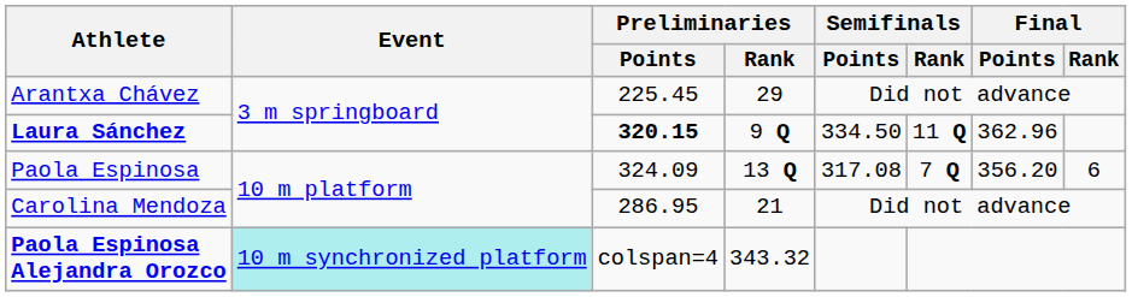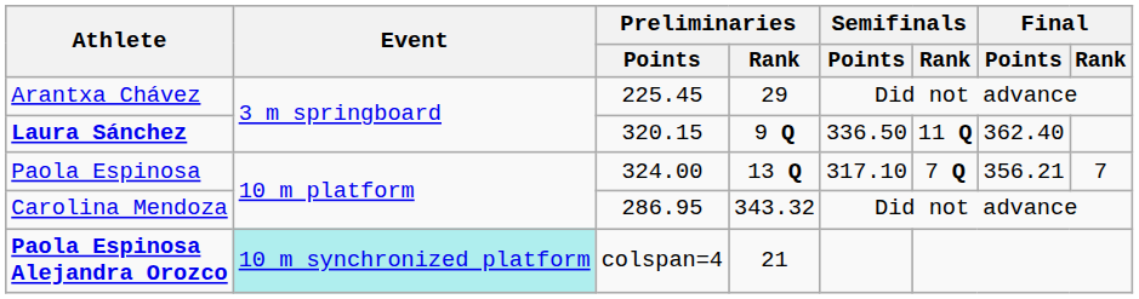 <table class=wikitable style="font-size:90%">
 <tr>
 <th rowspan="2">Athlete</th>
 <th rowspan="2">Event</th>
 <th colspan="2">Preliminaries</th>
 <th colspan="2">Semifinals</th>
 <th colspan="2">Final</th>
 </tr>
 <tr style="font-size:95%">
 <th>Points</th>
 <th>Rank</th>
 <th>Points</th>
 <th>Rank</th>
 <th>Points</th>
 <th>Rank</th>
 </tr>
 <tr align=center>
 <td align=left><a href='#'>Arantxa Chávez</a></td>
 <td align=left rowspan=2><a href='#'>3 m springboard</a></td>
 <td>225.45</td>
 <td>29</td>
 <td colspan=4>Did not advance</td>
 </tr>
 <tr align=center>
 <td align=left><strong><a href='#'>Laura Sánchez</a></strong></td>
-<td><strong>320.15</strong></td>
+<td>320.15</td>
 <td>9 <strong>Q</strong></td>
-<td>334.50</td>
+<td>336.50</td>
 <td>11 <strong>Q</strong></td>
-<td>362.96</td>
+<td>362.40</td>
 <td></td>
 </tr>
 <tr align=center>
 <td align=left><a href='#'>Paola Espinosa</a></td>
 <td align=left rowspan=2><a href='#'>10 m platform</a></td>
-<td>324.09</td>
+<td>324.00</td>
 <td>13 <strong>Q</strong></td>
-<td>317.08</td>
+<td>317.10</td>
 <td>7 <strong>Q</strong></td>
-<td>356.20</td>
-<td>6</td>
+<td>356.21</td>
+<td>7</td>
 </tr>
 <tr align=center>
 <td align=left><a href='#'>Carolina Mendoza</a></td>
 <td>286.95</td>
-<td>21</td>
+<td>343.32</td>
 <td colspan=4>Did not advance</td>
 </tr>
 <tr align=center>
 <td align=left><strong><a href='#'>Paola Espinosa</a> <br><a href='#'>Alejandra Orozco</a></strong></td>
 <td align=left style="background: paleturquoise;"><a href='#'>10 m synchronized platform</a></td>
 <td>colspan=4 </td>
-<td>343.32</td>
+<td>21</td>
 <td></td>
 </tr>
 </table>
